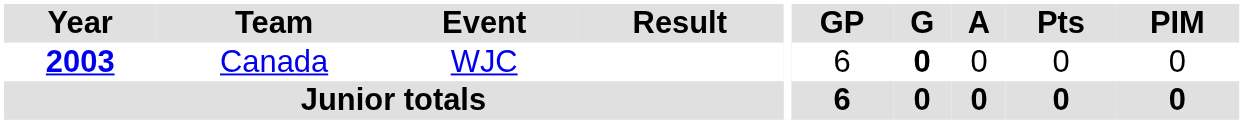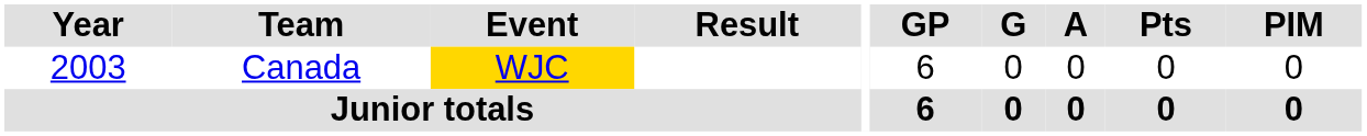 <table border="0" cellpadding="1" cellspacing="0" ID="Table3" style="text-align:center; width:40em">
 <tr ALIGN="center" bgcolor="#e0e0e0">
 <th>Year</th>
 <th>Team</th>
 <th>Event</th>
 <th>Result</th>
 <th rowspan="99" bgcolor="#ffffff"></th>
 <th>GP</th>
 <th>G</th>
 <th>A</th>
 <th>Pts</th>
 <th>PIM</th>
 </tr>
 <tr>
-<td><strong><a href='#'>2003</a></strong></td>
+<td><a href='#'>2003</a></td>
 <td><a href='#'>Canada</a></td>
-<td><a href='#'>WJC</a></td>
+<td style="background: gold;"><a href='#'>WJC</a></td>
 <td></td>
 <td>6</td>
-<td><strong>0</strong></td>
+<td>0</td>
 <td>0</td>
 <td>0</td>
 <td>0</td>
 </tr>
 <tr bgcolor="#e0e0e0">
 <th colspan=4>Junior totals</th>
 <th>6</th>
 <th>0</th>
 <th>0</th>
 <th>0</th>
 <th>0</th>
 </tr>
 </table>
